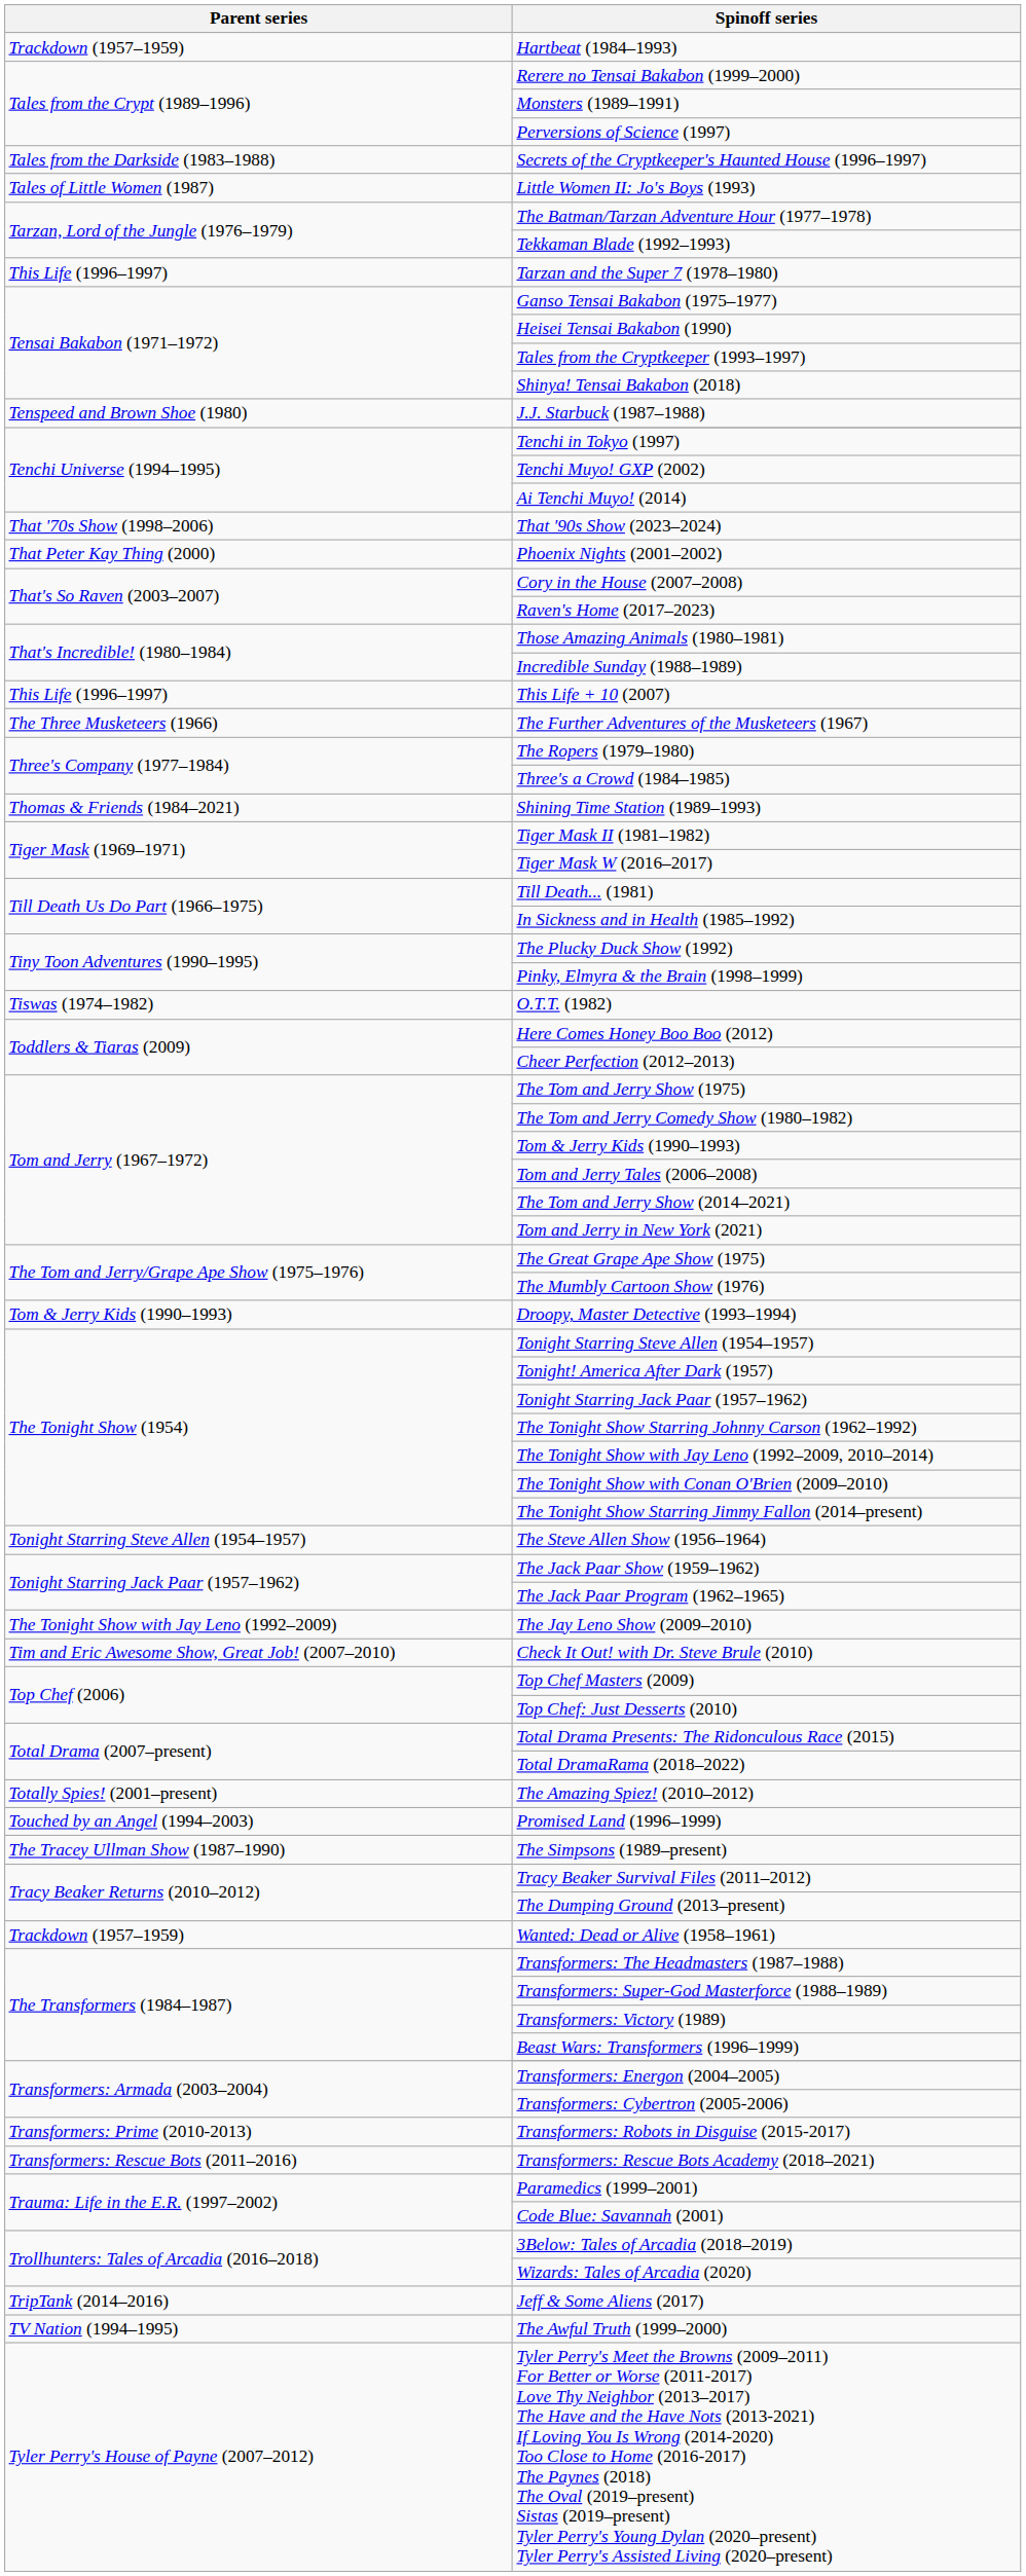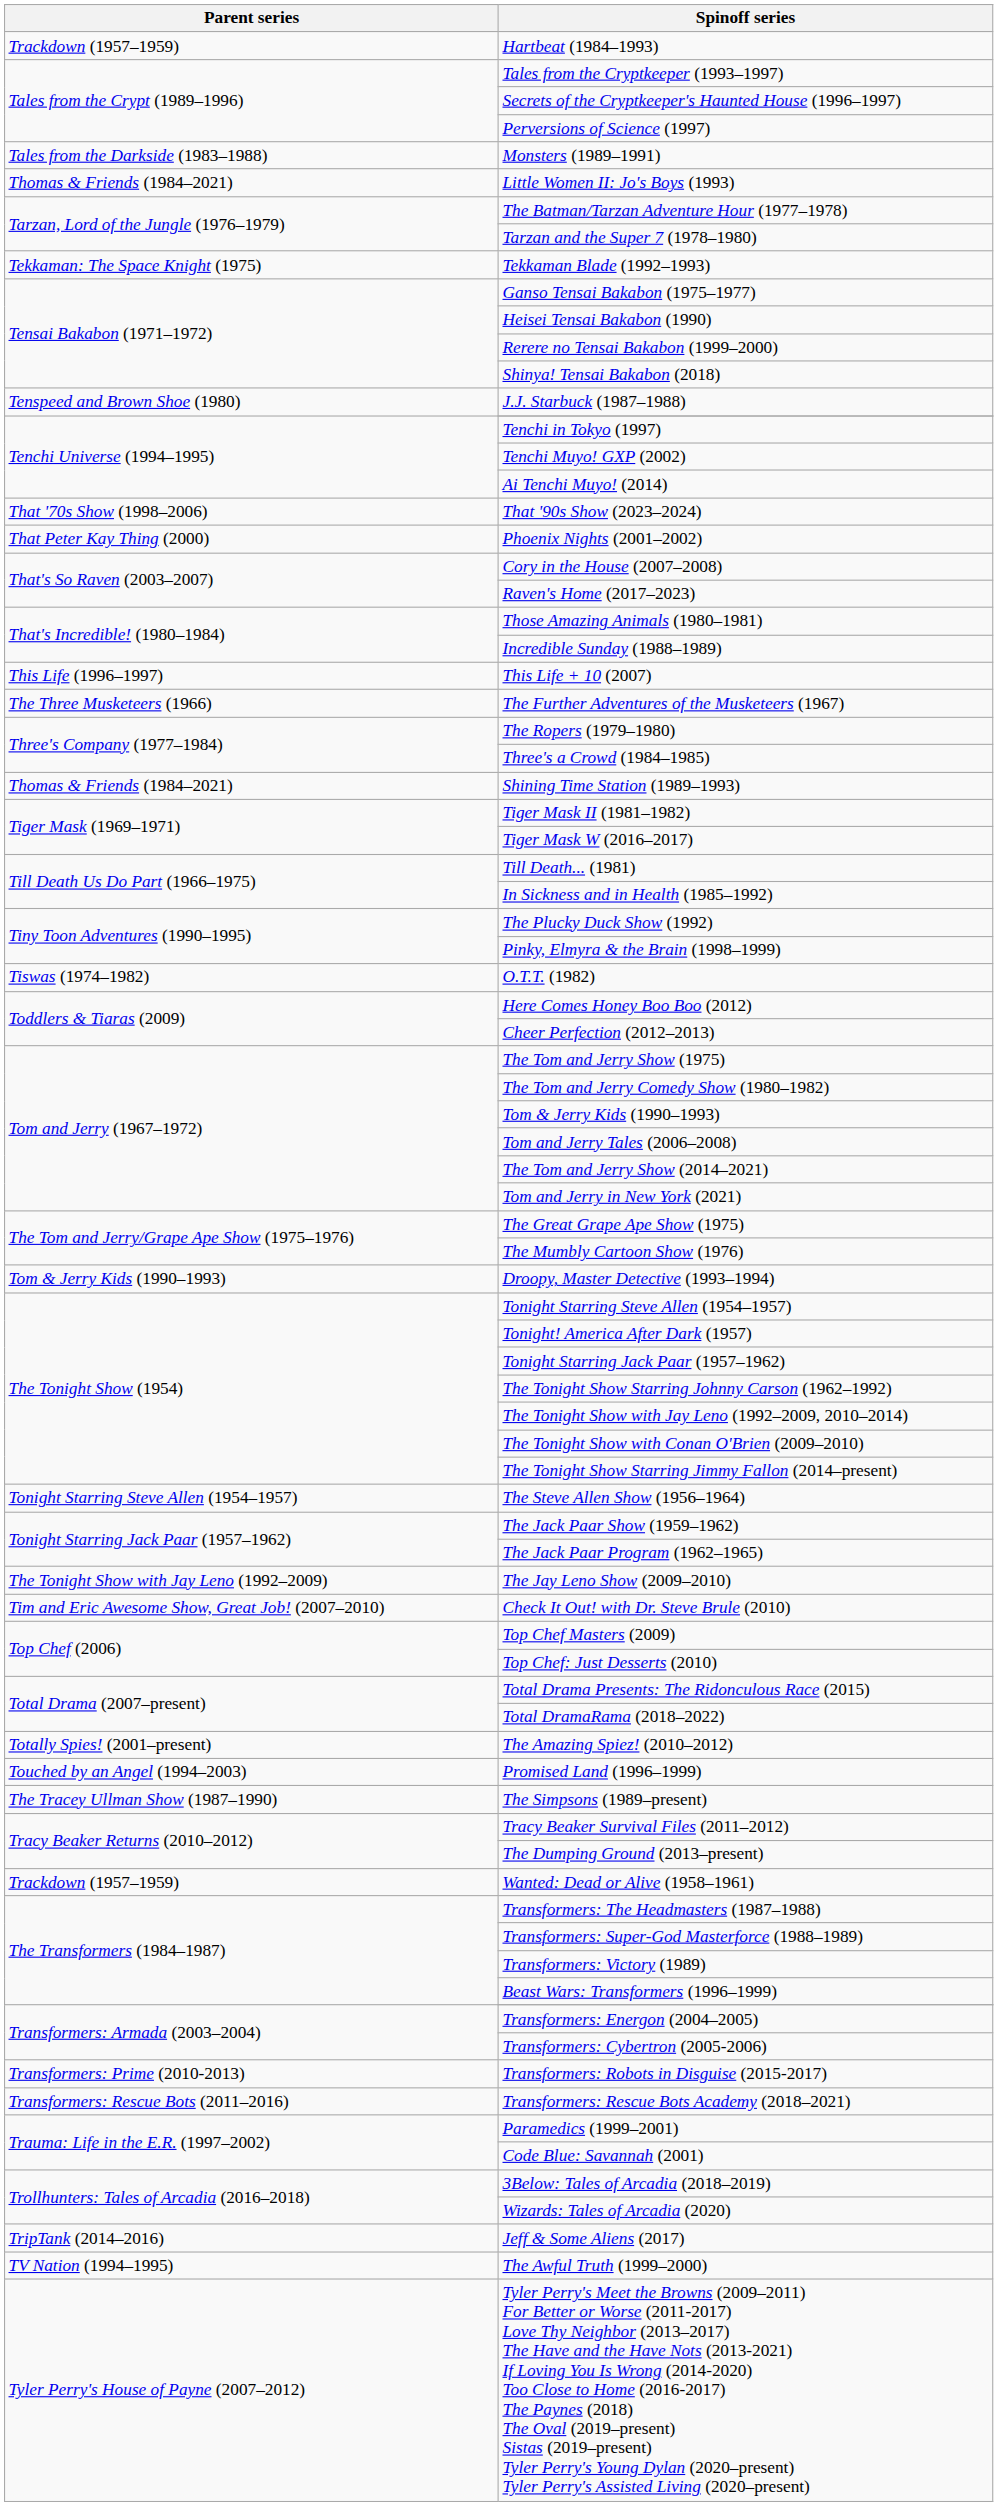 <table class="wikitable">
 <tr>
 <th width="450">Parent series</th>
 <th width="450">Spinoff series</th>
 </tr>
 <tr>
 <td><em><a href='#'>Trackdown</a></em> (1957–1959)</td>
 <td><em><a href='#'>Hartbeat</a></em> (1984–1993)</td>
 </tr>
 <tr>
 <td rowspan="3"><em><a href='#'>Tales from the Crypt</a></em> (1989–1996)</td>
-<td><em><a href='#'>Rerere no Tensai Bakabon</a></em> (1999–2000)</td>
+<td><em><a href='#'>Tales from the Cryptkeeper</a></em> (1993–1997)</td>
 </tr>
 <tr>
-<td><em><a href='#'>Monsters</a></em> (1989–1991)</td>
+<td><em><a href='#'>Secrets of the Cryptkeeper's Haunted House</a></em> (1996–1997)</td>
 </tr>
 <tr>
 <td><em><a href='#'>Perversions of Science</a></em> (1997)</td>
 </tr>
 <tr>
 <td><em><a href='#'>Tales from the Darkside</a></em> (1983–1988)</td>
-<td><em><a href='#'>Secrets of the Cryptkeeper's Haunted House</a></em> (1996–1997)</td>
+<td><em><a href='#'>Monsters</a></em> (1989–1991)</td>
 </tr>
 <tr>
-<td><em><a href='#'>Tales of Little Women</a></em> (1987)</td>
+<td><em><a href='#'>Thomas & Friends</a></em> (1984–2021)</td>
 <td><em><a href='#'>Little Women II: Jo's Boys</a></em> (1993)</td>
 </tr>
 <tr>
 <td rowspan="2"><em><a href='#'>Tarzan, Lord of the Jungle</a></em> (1976–1979)</td>
 <td><em><a href='#'>The Batman/Tarzan Adventure Hour</a></em> (1977–1978)</td>
 </tr>
 <tr>
-<td><em><a href='#'>Tekkaman Blade</a></em> (1992–1993)</td>
+<td><em><a href='#'>Tarzan and the Super 7</a></em> (1978–1980)</td>
 </tr>
 <tr>
-<td><em><a href='#'>This Life</a></em> (1996–1997)</td>
-<td><em><a href='#'>Tarzan and the Super 7</a></em> (1978–1980)</td>
+<td><em><a href='#'>Tekkaman: The Space Knight</a></em> (1975)</td>
+<td><em><a href='#'>Tekkaman Blade</a></em> (1992–1993)</td>
 </tr>
 <tr>
 <td rowspan="4"><em><a href='#'>Tensai Bakabon</a></em> (1971–1972)</td>
 <td><em><a href='#'>Ganso Tensai Bakabon</a></em> (1975–1977)</td>
 </tr>
 <tr>
 <td><em><a href='#'>Heisei Tensai Bakabon</a></em> (1990)</td>
 </tr>
 <tr>
-<td><em><a href='#'>Tales from the Cryptkeeper</a></em> (1993–1997)</td>
+<td><em><a href='#'>Rerere no Tensai Bakabon</a></em> (1999–2000)</td>
 </tr>
 <tr>
 <td><em><a href='#'>Shinya! Tensai Bakabon</a></em> (2018)</td>
 </tr>
 <tr>
 <td><em><a href='#'>Tenspeed and Brown Shoe</a></em> (1980)</td>
 <td><em><a href='#'>J.J. Starbuck</a></em> (1987–1988)</td>
 </tr>
 <tr>
 <td rowspan="4"><em><a href='#'>Tenchi Universe</a></em> (1994–1995)</td>
 </tr>
 <tr>
 <td><em><a href='#'>Tenchi in Tokyo</a></em> (1997)</td>
 </tr>
 <tr>
 <td><em><a href='#'>Tenchi Muyo! GXP</a></em> (2002)</td>
 </tr>
 <tr>
 <td><em><a href='#'>Ai Tenchi Muyo!</a></em> (2014)</td>
 </tr>
 <tr>
 <td><em><a href='#'>That '70s Show</a></em> (1998–2006)</td>
 <td><em><a href='#'>That '90s Show</a></em> (2023–2024)</td>
 </tr>
 <tr>
 <td><em><a href='#'>That Peter Kay Thing</a></em> (2000)</td>
 <td><em><a href='#'>Phoenix Nights</a></em> (2001–2002)</td>
 </tr>
 <tr>
 <td rowspan="2"><em><a href='#'>That's So Raven</a></em> (2003–2007)</td>
 <td><em><a href='#'>Cory in the House</a></em> (2007–2008)</td>
 </tr>
 <tr>
 <td><em><a href='#'>Raven's Home</a></em> (2017–2023)</td>
 </tr>
 <tr>
 <td rowspan="2"><em><a href='#'>That's Incredible!</a></em> (1980–1984)</td>
 <td><em><a href='#'>Those Amazing Animals</a></em> (1980–1981)</td>
 </tr>
 <tr>
 <td><em><a href='#'>Incredible Sunday</a></em> (1988–1989)</td>
 </tr>
 <tr>
 <td><em><a href='#'>This Life</a></em> (1996–1997)</td>
 <td><em><a href='#'>This Life + 10</a></em> (2007)</td>
 </tr>
 <tr>
 <td><em><a href='#'>The Three Musketeers</a></em> (1966)</td>
 <td><em><a href='#'>The Further Adventures of the Musketeers</a></em> (1967)</td>
 </tr>
 <tr>
 <td rowspan="2"><em><a href='#'>Three's Company</a></em> (1977–1984)</td>
 <td><em><a href='#'>The Ropers</a></em> (1979–1980)</td>
 </tr>
 <tr>
 <td><em><a href='#'>Three's a Crowd</a></em> (1984–1985)</td>
 </tr>
 <tr>
 <td><em><a href='#'>Thomas & Friends</a></em> (1984–2021)</td>
 <td><em><a href='#'>Shining Time Station</a></em> (1989–1993)</td>
 </tr>
 <tr>
 <td rowspan="2"><em><a href='#'>Tiger Mask</a></em> (1969–1971)</td>
 <td><em><a href='#'>Tiger Mask II</a></em> (1981–1982)</td>
 </tr>
 <tr>
 <td><em><a href='#'>Tiger Mask W</a></em> (2016–2017)</td>
 </tr>
 <tr>
 <td rowspan="2"><em><a href='#'>Till Death Us Do Part</a></em> (1966–1975)</td>
 <td><em><a href='#'>Till Death...</a></em> (1981)</td>
 </tr>
 <tr>
 <td><em><a href='#'>In Sickness and in Health</a></em> (1985–1992)</td>
 </tr>
 <tr>
 <td rowspan="2"><em><a href='#'>Tiny Toon Adventures</a></em> (1990–1995)</td>
 <td><em><a href='#'>The Plucky Duck Show</a></em> (1992)</td>
 </tr>
 <tr>
 <td><em><a href='#'>Pinky, Elmyra & the Brain</a></em> (1998–1999)</td>
 </tr>
 <tr>
 <td><em><a href='#'>Tiswas</a></em> (1974–1982)</td>
 <td><em><a href='#'>O.T.T.</a></em> (1982)</td>
 </tr>
 <tr>
 <td rowspan="2"><em><a href='#'>Toddlers & Tiaras</a></em> (2009)</td>
 <td><em><a href='#'>Here Comes Honey Boo Boo</a></em> (2012)</td>
 </tr>
 <tr>
 <td><em><a href='#'>Cheer Perfection</a></em> (2012–2013)</td>
 </tr>
 <tr>
 <td rowspan="6"><em><a href='#'>Tom and Jerry</a></em> (1967–1972)</td>
 <td><em><a href='#'>The Tom and Jerry Show</a></em> (1975)</td>
 </tr>
 <tr>
 <td><em><a href='#'>The Tom and Jerry Comedy Show</a></em> (1980–1982)</td>
 </tr>
 <tr>
 <td><em><a href='#'>Tom & Jerry Kids</a></em> (1990–1993)</td>
 </tr>
 <tr>
 <td><em><a href='#'>Tom and Jerry Tales</a></em> (2006–2008)</td>
 </tr>
 <tr>
 <td><em><a href='#'>The Tom and Jerry Show</a></em> (2014–2021)</td>
 </tr>
 <tr>
 <td><em><a href='#'>Tom and Jerry in New York</a></em> (2021)</td>
 </tr>
 <tr>
 <td rowspan="2"><em><a href='#'>The Tom and Jerry/Grape Ape Show</a></em> (1975–1976)</td>
 <td><em><a href='#'>The Great Grape Ape Show</a></em> (1975)</td>
 </tr>
 <tr>
 <td><em><a href='#'>The Mumbly Cartoon Show</a></em> (1976)</td>
 </tr>
 <tr>
 <td><em><a href='#'>Tom & Jerry Kids</a></em> (1990–1993)</td>
 <td><em><a href='#'>Droopy, Master Detective</a></em> (1993–1994)</td>
 </tr>
 <tr>
 <td rowspan="7"><em><a href='#'>The Tonight Show</a></em> (1954)</td>
 <td><em><a href='#'>Tonight Starring Steve Allen</a></em> (1954–1957)</td>
 </tr>
 <tr>
 <td><em><a href='#'>Tonight! America After Dark</a></em> (1957)</td>
 </tr>
 <tr>
 <td><em><a href='#'>Tonight Starring Jack Paar</a></em> (1957–1962)</td>
 </tr>
 <tr>
 <td><em><a href='#'>The Tonight Show Starring Johnny Carson</a></em> (1962–1992)</td>
 </tr>
 <tr>
 <td><em><a href='#'>The Tonight Show with Jay Leno</a></em> (1992–2009, 2010–2014)</td>
 </tr>
 <tr>
 <td><em><a href='#'>The Tonight Show with Conan O'Brien</a></em> (2009–2010)</td>
 </tr>
 <tr>
 <td><em><a href='#'>The Tonight Show Starring Jimmy Fallon</a></em> (2014–present)</td>
 </tr>
 <tr>
 <td><em><a href='#'>Tonight Starring Steve Allen</a></em> (1954–1957)</td>
 <td><em><a href='#'>The Steve Allen Show</a></em> (1956–1964)</td>
 </tr>
 <tr>
 <td rowspan="2"><em><a href='#'>Tonight Starring Jack Paar</a></em> (1957–1962)</td>
 <td><em><a href='#'>The Jack Paar Show</a></em> (1959–1962)</td>
 </tr>
 <tr>
 <td><em><a href='#'>The Jack Paar Program</a></em> (1962–1965)</td>
 </tr>
 <tr>
 <td><em><a href='#'>The Tonight Show with Jay Leno</a></em> (1992–2009)</td>
 <td><em><a href='#'>The Jay Leno Show</a></em> (2009–2010)</td>
 </tr>
 <tr>
 <td><em><a href='#'>Tim and Eric Awesome Show, Great Job!</a></em> (2007–2010)</td>
 <td><em><a href='#'>Check It Out! with Dr. Steve Brule</a></em> (2010)</td>
 </tr>
 <tr>
 <td rowspan="2"><em><a href='#'>Top Chef</a></em> (2006)</td>
 <td><em><a href='#'>Top Chef Masters</a></em> (2009)</td>
 </tr>
 <tr>
 <td><em><a href='#'>Top Chef: Just Desserts</a></em> (2010)</td>
 </tr>
 <tr>
 <td rowspan="2"><em><a href='#'>Total Drama</a></em> (2007–present)</td>
 <td><em><a href='#'>Total Drama Presents: The Ridonculous Race</a></em> (2015)</td>
 </tr>
 <tr>
 <td><em><a href='#'>Total DramaRama</a></em> (2018–2022)</td>
 </tr>
 <tr>
 <td><em><a href='#'>Totally Spies!</a></em> (2001–present)</td>
 <td><em><a href='#'>The Amazing Spiez!</a></em> (2010–2012)</td>
 </tr>
 <tr>
 <td><em><a href='#'>Touched by an Angel</a></em> (1994–2003)</td>
 <td><em><a href='#'>Promised Land</a></em> (1996–1999)</td>
 </tr>
 <tr>
 <td><em><a href='#'>The Tracey Ullman Show</a></em> (1987–1990)</td>
 <td><em><a href='#'>The Simpsons</a></em> (1989–present)</td>
 </tr>
 <tr>
 <td rowspan="2"><em><a href='#'>Tracy Beaker Returns</a></em> (2010–2012)</td>
 <td><em><a href='#'>Tracy Beaker Survival Files</a></em> (2011–2012)</td>
 </tr>
 <tr>
 <td><em><a href='#'>The Dumping Ground</a></em> (2013–present)</td>
 </tr>
 <tr>
 <td><em><a href='#'>Trackdown</a></em> (1957–1959)</td>
 <td><em><a href='#'>Wanted: Dead or Alive</a></em> (1958–1961)</td>
 </tr>
 <tr>
 <td rowspan="4"><em><a href='#'>The Transformers</a></em> (1984–1987)</td>
 <td><em><a href='#'>Transformers: The Headmasters</a></em> (1987–1988)</td>
 </tr>
 <tr>
 <td><em><a href='#'>Transformers: Super-God Masterforce</a></em> (1988–1989)</td>
 </tr>
 <tr>
 <td><em><a href='#'>Transformers: Victory</a></em> (1989)</td>
 </tr>
 <tr>
 <td><em><a href='#'>Beast Wars: Transformers</a></em> (1996–1999)</td>
 </tr>
 <tr>
 <td rowspan="3"><em><a href='#'>Transformers: Armada</a></em> (2003–2004)</td>
 </tr>
 <tr>
 <td><em><a href='#'>Transformers: Energon</a></em> (2004–2005)</td>
 </tr>
 <tr>
 <td><em><a href='#'>Transformers: Cybertron</a></em> (2005-2006)</td>
 </tr>
 <tr>
 <td><em><a href='#'>Transformers: Prime</a></em> (2010-2013)</td>
 <td><em><a href='#'>Transformers: Robots in Disguise</a></em> (2015-2017)</td>
 </tr>
 <tr>
 <td><em><a href='#'>Transformers: Rescue Bots</a></em> (2011–2016)</td>
 <td><em><a href='#'>Transformers: Rescue Bots Academy</a></em> (2018–2021)</td>
 </tr>
 <tr>
 <td rowspan="2"><em><a href='#'>Trauma: Life in the E.R.</a></em> (1997–2002)</td>
 <td><em><a href='#'>Paramedics</a></em> (1999–2001)</td>
 </tr>
 <tr>
 <td><em><a href='#'>Code Blue: Savannah</a></em> (2001)</td>
 </tr>
 <tr>
 <td rowspan="2"><em><a href='#'>Trollhunters: Tales of Arcadia</a></em> (2016–2018)</td>
 <td><em><a href='#'>3Below: Tales of Arcadia</a></em> (2018–2019)</td>
 </tr>
 <tr>
 <td><em><a href='#'>Wizards: Tales of Arcadia</a></em> (2020)</td>
 </tr>
 <tr>
 <td><em><a href='#'>TripTank</a></em> (2014–2016)</td>
 <td><em><a href='#'>Jeff & Some Aliens</a></em> (2017)</td>
 </tr>
 <tr>
 <td><em><a href='#'>TV Nation</a></em> (1994–1995)</td>
 <td><em><a href='#'>The Awful Truth</a></em> (1999–2000)</td>
 </tr>
 <tr>
 <td><em><a href='#'>Tyler Perry's House of Payne</a></em> (2007–2012)</td>
 <td><em><a href='#'>Tyler Perry's Meet the Browns</a></em> (2009–2011)<br><em><a href='#'>For Better or Worse</a></em> (2011-2017)<br><em><a href='#'>Love Thy Neighbor</a></em> (2013–2017)<br><em><a href='#'>The Have and the Have Nots</a></em> (2013-2021)<br><em><a href='#'>If Loving You Is Wrong</a></em> (2014-2020)<br><em><a href='#'>Too Close to Home</a></em> (2016-2017)<br><em><a href='#'>The Paynes</a></em> (2018)<br><em><a href='#'>The Oval</a></em> (2019–present)<br><em><a href='#'>Sistas</a></em> (2019–present)<br><em><a href='#'>Tyler Perry's Young Dylan</a></em> (2020–present)<br><em><a href='#'>Tyler Perry's Assisted Living</a></em> (2020–present)</td>
 </tr>
 </table>
